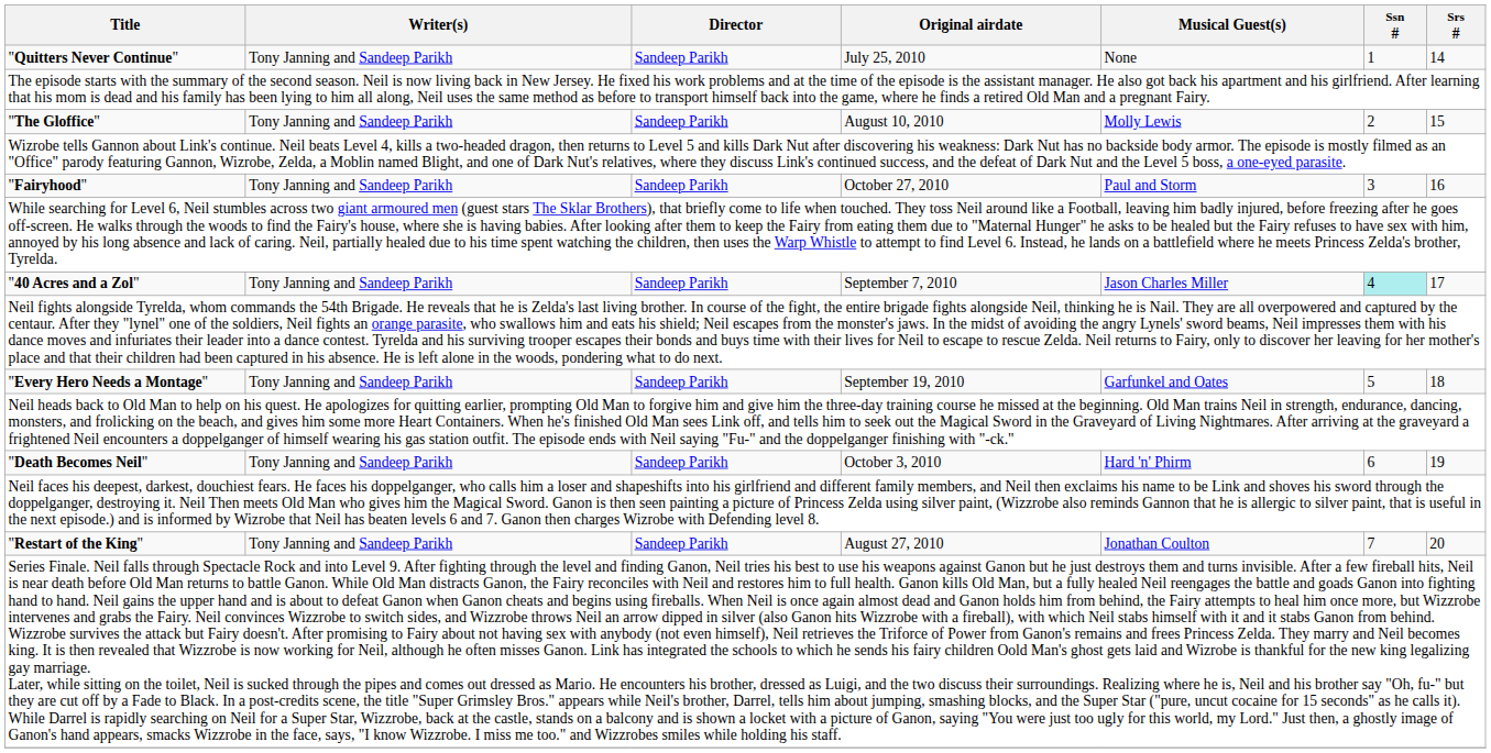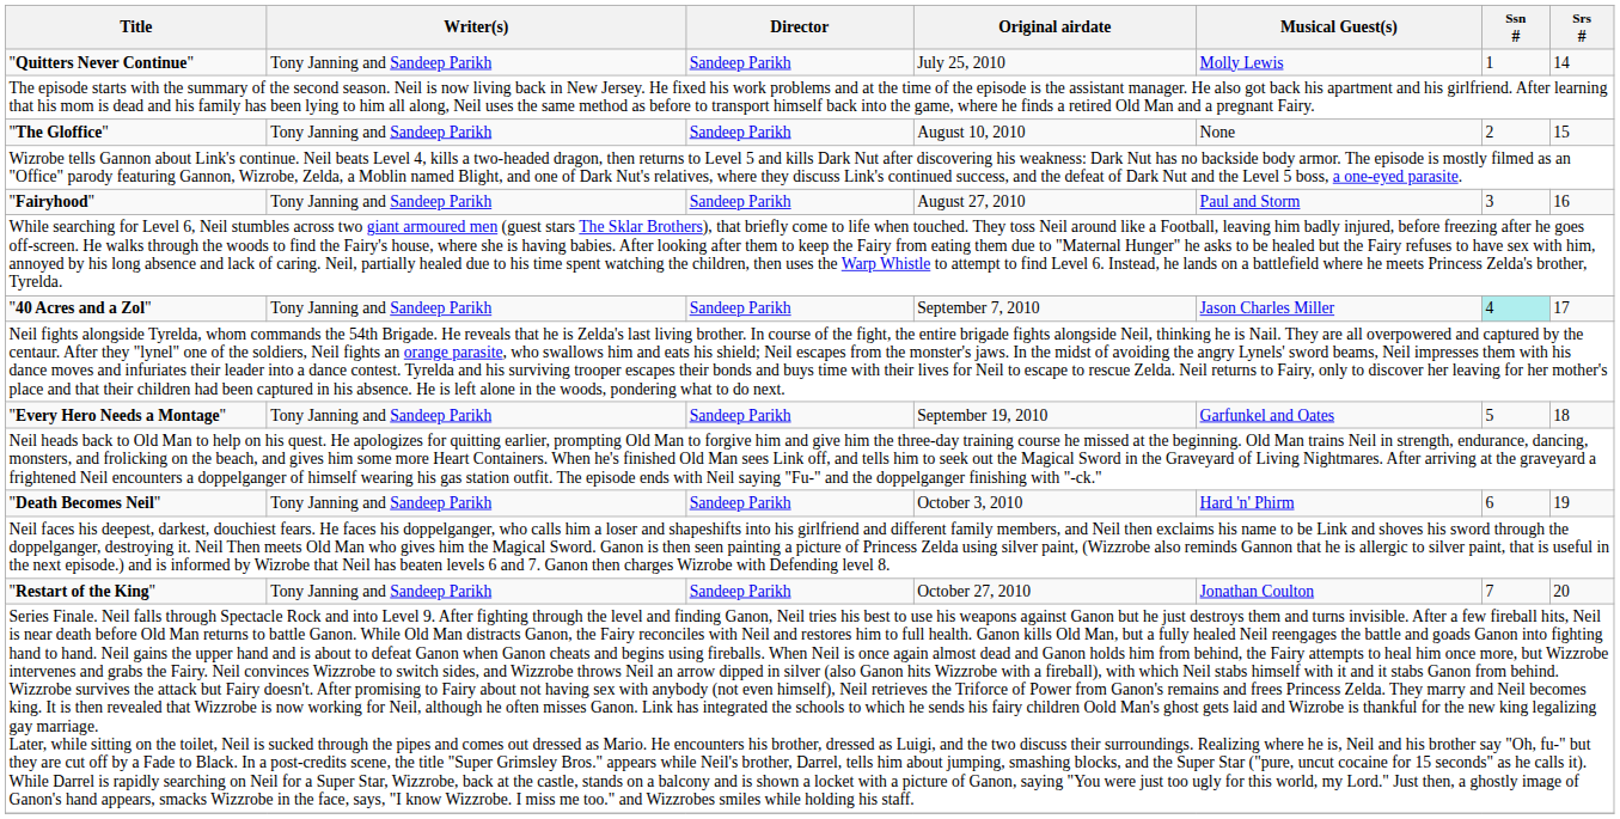 <table class="wikitable" width="100%">
 <tr>
 <th width="250">Title</th>
 <th align="center">Writer(s)</th>
 <th align="center">Director</th>
 <th align="center">Original airdate</th>
 <th align="center">Musical Guest(s)</th>
 <th align="center"><small>Ssn</small><br>#</th>
 <th align="center"><small>Srs</small><br>#</th>
 </tr>
 <tr>
 <td>"<strong>Quitters Never Continue</strong>"</td>
 <td>Tony Janning and <a href='#'>Sandeep Parikh</a></td>
 <td><a href='#'>Sandeep Parikh</a></td>
 <td>July 25, 2010</td>
-<td>None</td>
+<td><a href='#'>Molly Lewis</a></td>
 <td>1</td>
 <td>14</td>
 </tr>
 <tr>
 <td colspan="7" bgcolor="FFFFFF">The episode starts with the summary of the second season. Neil is now living back in New Jersey. He fixed his work problems and at the time of the episode is the assistant manager. He also got back his apartment and his girlfriend. After learning that his mom is dead and his family has been lying to him all along, Neil uses the same method as before to transport himself back into the game, where he finds a retired Old Man and a pregnant Fairy.</td>
 </tr>
 <tr>
 <td>"<strong>The Gloffice</strong>"</td>
 <td>Tony Janning and <a href='#'>Sandeep Parikh</a></td>
 <td><a href='#'>Sandeep Parikh</a></td>
 <td>August 10, 2010</td>
-<td><a href='#'>Molly Lewis</a></td>
+<td>None</td>
 <td>2</td>
 <td>15</td>
 </tr>
 <tr>
 <td colspan="7" bgcolor="FFFFFF">Wizrobe tells Gannon about Link's continue. Neil beats Level 4, kills a two-headed dragon, then returns to Level 5 and kills Dark Nut after discovering his weakness: Dark Nut has no backside body armor. The episode is mostly filmed as an "Office" parody featuring Gannon, Wizrobe, Zelda, a Moblin named Blight, and one of Dark Nut's relatives, where they discuss Link's continued success, and the defeat of Dark Nut and the Level 5 boss, <a href='#'>a one-eyed parasite</a>.</td>
 </tr>
 <tr>
 <td>"<strong>Fairyhood</strong>"</td>
 <td>Tony Janning and <a href='#'>Sandeep Parikh</a></td>
 <td><a href='#'>Sandeep Parikh</a></td>
-<td>October 27, 2010</td>
+<td>August 27, 2010</td>
 <td><a href='#'>Paul and Storm</a></td>
 <td>3</td>
 <td>16</td>
 </tr>
 <tr>
 <td colspan="7" bgcolor="FFFFFF">While searching for Level 6, Neil stumbles across two <a href='#'>giant armoured men</a> (guest stars <a href='#'>The Sklar Brothers</a>), that briefly come to life when touched. They toss Neil around like a Football, leaving him badly injured, before freezing after he goes off-screen. He walks through the woods to find the Fairy's house, where she is having babies. After looking after them to keep the Fairy from eating them due to "Maternal Hunger" he asks to be healed but the Fairy refuses to have sex with him, annoyed by his long absence and lack of caring. Neil, partially healed due to his time spent watching the children, then uses the <a href='#'>Warp Whistle</a> to attempt to find Level 6. Instead, he lands on a battlefield where he meets Princess Zelda's brother, Tyrelda.</td>
 </tr>
 <tr>
 <td>"<strong>40 Acres and a Zol</strong>"</td>
 <td>Tony Janning and <a href='#'>Sandeep Parikh</a></td>
 <td><a href='#'>Sandeep Parikh</a></td>
 <td>September 7, 2010</td>
 <td><a href='#'>Jason Charles Miller</a></td>
 <td style="background: paleturquoise;">4</td>
 <td>17</td>
 </tr>
 <tr>
 <td colspan="7" bgcolor="FFFFFF">Neil fights alongside Tyrelda, whom commands the 54th Brigade. He reveals that he is Zelda's last living brother. In course of the fight, the entire brigade fights alongside Neil, thinking he is Nail. They are all overpowered and captured by the centaur. After they "lynel" one of the soldiers, Neil fights an <a href='#'>orange parasite</a>, who swallows him and eats his shield; Neil escapes from the monster's jaws. In the midst of avoiding the angry Lynels' sword beams, Neil impresses them with his dance moves and infuriates their leader into a dance contest. Tyrelda and his surviving trooper escapes their bonds and buys time with their lives for Neil to escape to rescue Zelda. Neil returns to Fairy, only to discover her leaving for her mother's place and that their children had been captured in his absence. He is left alone in the woods, pondering what to do next.</td>
 </tr>
 <tr>
 <td>"<strong>Every Hero Needs a Montage</strong>"</td>
 <td>Tony Janning and <a href='#'>Sandeep Parikh</a></td>
 <td><a href='#'>Sandeep Parikh</a></td>
 <td>September 19, 2010</td>
 <td><a href='#'>Garfunkel and Oates</a></td>
 <td>5</td>
 <td>18</td>
 </tr>
 <tr>
 <td colspan="7" bgcolor="FFFFFF">Neil heads back to Old Man to help on his quest. He apologizes for quitting earlier, prompting Old Man to forgive him and give him the three-day training course he missed at the beginning. Old Man trains Neil in strength, endurance, dancing, monsters, and frolicking on the beach, and gives him some more Heart Containers. When he's finished Old Man sees Link off, and tells him to seek out the Magical Sword in the Graveyard of Living Nightmares. After arriving at the graveyard a frightened Neil encounters a doppelganger of himself wearing his gas station outfit. The episode ends with Neil saying "Fu-" and the doppelganger finishing with "-ck."</td>
 </tr>
 <tr>
 <td>"<strong>Death Becomes Neil</strong>"</td>
 <td>Tony Janning and <a href='#'>Sandeep Parikh</a></td>
 <td><a href='#'>Sandeep Parikh</a></td>
 <td>October 3, 2010</td>
 <td><a href='#'>Hard 'n' Phirm</a></td>
 <td>6</td>
 <td>19</td>
 </tr>
 <tr>
 <td colspan="7" bgcolor="FFFFFF">Neil faces his deepest, darkest, douchiest fears. He faces his doppelganger, who calls him a loser and shapeshifts into his girlfriend and different family members, and Neil then exclaims his name to be Link and shoves his sword through the doppelganger, destroying it. Neil Then meets Old Man who gives him the Magical Sword. Ganon is then seen painting a picture of Princess Zelda using silver paint, (Wizzrobe also reminds Gannon that he is allergic to silver paint, that is useful in the next episode.) and is informed by Wizrobe that Neil has beaten levels 6 and 7. Ganon then charges Wizrobe with Defending level 8.</td>
 </tr>
 <tr>
 <td>"<strong>Restart of the King</strong>"</td>
 <td>Tony Janning and <a href='#'>Sandeep Parikh</a></td>
 <td><a href='#'>Sandeep Parikh</a></td>
-<td>August 27, 2010</td>
+<td>October 27, 2010</td>
 <td><a href='#'>Jonathan Coulton</a></td>
 <td>7</td>
 <td>20</td>
 </tr>
 <tr>
 <td colspan="7" bgcolor="FFFFFF">Series Finale. Neil falls through Spectacle Rock and into Level 9. After fighting through the level and finding Ganon, Neil tries his best to use his weapons against Ganon but he just destroys them and turns invisible. After a few fireball hits, Neil is near death before Old Man returns to battle Ganon. While Old Man distracts Ganon, the Fairy reconciles with Neil and restores him to full health. Ganon kills Old Man, but a fully healed Neil reengages the battle and goads Ganon into fighting hand to hand. Neil gains the upper hand and is about to defeat Ganon when Ganon cheats and begins using fireballs. When Neil is once again almost dead and Ganon holds him from behind, the Fairy attempts to heal him once more, but Wizzrobe intervenes and grabs the Fairy. Neil convinces Wizzrobe to switch sides, and Wizzrobe throws Neil an arrow dipped in silver (also Ganon hits Wizzrobe with a fireball), with which Neil stabs himself with it and it stabs Ganon from behind. Wizzrobe survives the attack but Fairy doesn't. After promising to Fairy about not having sex with anybody (not even himself), Neil retrieves the Triforce of Power from Ganon's remains and frees Princess Zelda. They marry and Neil becomes king. It is then revealed that Wizzrobe is now working for Neil, although he often misses Ganon. Link has integrated the schools to which he sends his fairy children Oold Man's ghost gets laid and Wizrobe is thankful for the new king legalizing gay marriage.<br>Later, while sitting on the toilet, Neil is sucked through the pipes and comes out dressed as Mario. He encounters his brother, dressed as Luigi, and the two discuss their surroundings. Realizing where he is, Neil and his brother say "Oh, fu-" but they are cut off by a Fade to Black. In a post-credits scene, the title "Super Grimsley Bros." appears while Neil's brother, Darrel, tells him about jumping, smashing blocks, and the Super Star ("pure, uncut cocaine for 15 seconds" as he calls it). While Darrel is rapidly searching on Neil for a Super Star, Wizzrobe, back at the castle, stands on a balcony and is shown a locket with a picture of Ganon, saying "You were just too ugly for this world, my Lord." Just then, a ghostly image of Ganon's hand appears, smacks Wizzrobe in the face, says, "I know Wizzrobe. I miss me too." and Wizzrobes smiles while holding his staff.</td>
 </tr>
 <tr>
 </tr>
 </table>
